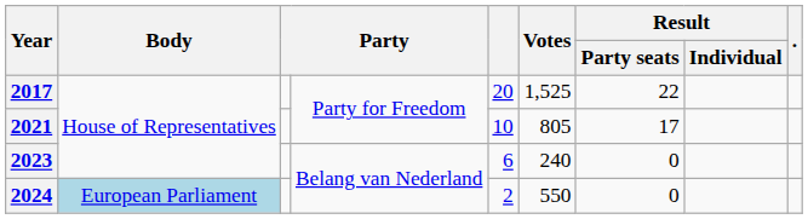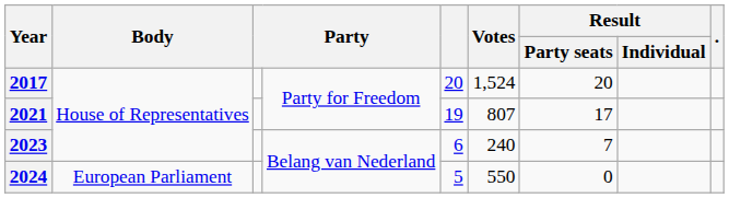 <table class="wikitable plainrowheaders sortable" border=2 cellpadding=4 cellspacing=0 style="border: 1px #aaa solid; font-size: 90%; text-align:center;">
 <tr>
 <th scope="col" rowspan=2>Year</th>
 <th scope="col" rowspan=2>Body</th>
 <th scope="col" colspan=2 rowspan=2>Party</th>
 <th scope="col" rowspan=2></th>
 <th scope="col" rowspan=2>Votes</th>
 <th scope="colgroup" colspan=2>Result</th>
 <th scope="col" rowspan=2 class="unsortable">.</th>
 </tr>
 <tr>
 <th scope="col">Party seats</th>
 <th scope="col">Individual</th>
 </tr>
 <tr>
 <th scope="row"><a href='#'>2017</a></th>
 <td rowspan="3"><a href='#'>House of Representatives</a></td>
 <td style="background-color:"></td>
 <td rowspan="2"><a href='#'>Party for Freedom</a></td>
 <td style=text-align:right><a href='#'>20</a></td>
-<td style=text-align:right>1,525</td>
-<td style=text-align:right>22</td>
+<td style=text-align:right>1,524</td>
+<td style=text-align:right>20</td>
 <td></td>
 <td></td>
 </tr>
 <tr>
 <th scope="row"><a href='#'>2021</a></th>
 <td style="background-color:"></td>
-<td style=text-align:right><a href='#'>10</a></td>
-<td style=text-align:right>805</td>
+<td style=text-align:right><a href='#'>19</a></td>
+<td style=text-align:right>807</td>
 <td style=text-align:right>17</td>
 <td></td>
 <td></td>
 </tr>
 <tr>
 <th scope="row"><a href='#'>2023</a></th>
 <td style="background-color:"></td>
 <td rowspan="2"><a href='#'>Belang van Nederland</a></td>
 <td style=text-align:right><a href='#'>6</a></td>
 <td style=text-align:right>240</td>
-<td style=text-align:right>0</td>
+<td style=text-align:right>7</td>
 <td></td>
 <td></td>
 </tr>
 <tr>
 <th scope="row"><a href='#'>2024</a></th>
-<td style="background: lightblue;"><a href='#'>European Parliament</a></td>
+<td><a href='#'>European Parliament</a></td>
 <td style="background-color:"></td>
-<td style=text-align:right><a href='#'>2</a></td>
+<td style=text-align:right><a href='#'>5</a></td>
 <td style=text-align:right>550</td>
 <td style=text-align:right>0</td>
 <td></td>
 <td></td>
 </tr>
 </table>
